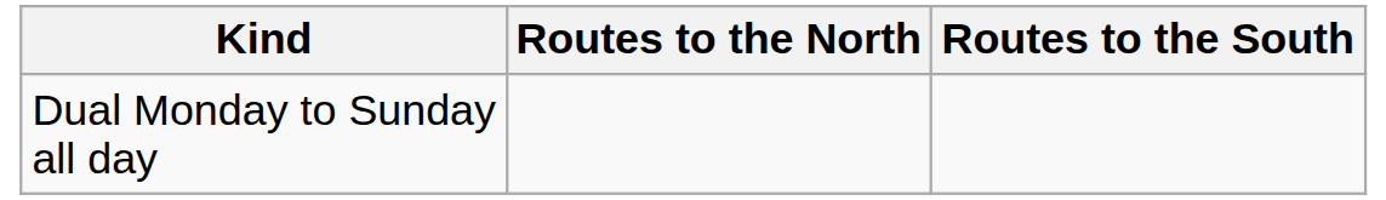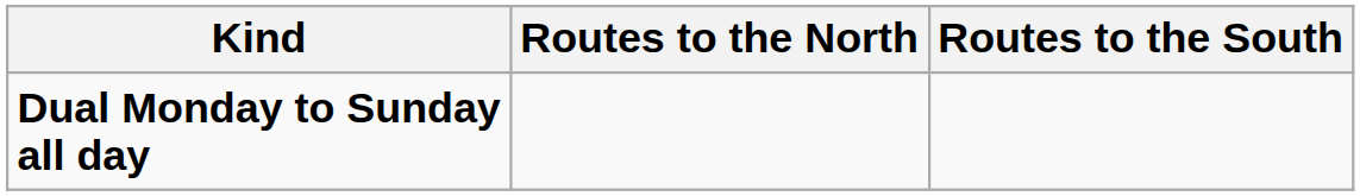 <table class = "wikitable" style="margin-left: auto; margin-right: auto; border: none;">
 <tr>
 <th>Kind</th>
 <th>Routes to the North</th>
 <th>Routes to the South</th>
 </tr>
 <tr>
-<td>Dual Monday to Sunday <br> all day</td>
+<td><strong>Dual Monday to Sunday <br> all day</strong></td>
 <td></td>
 <td></td>
 </tr>
 </table>
